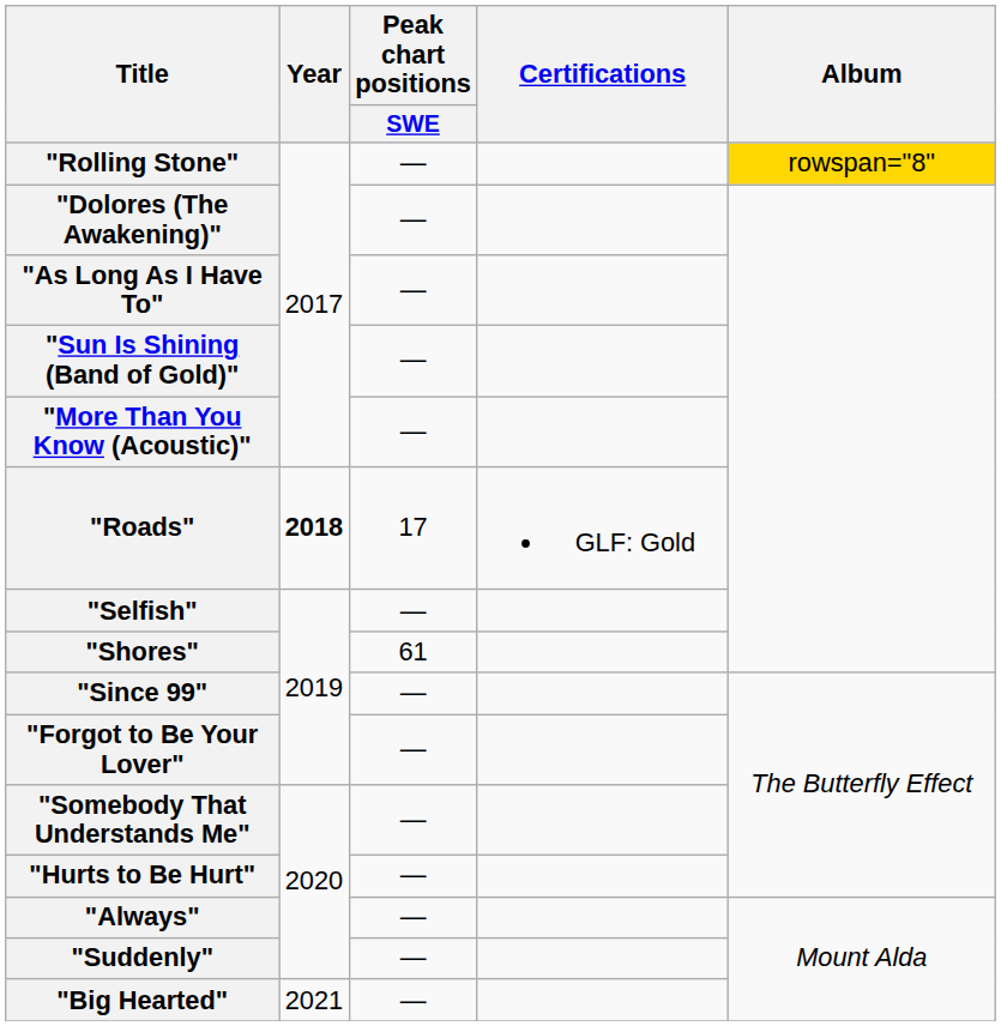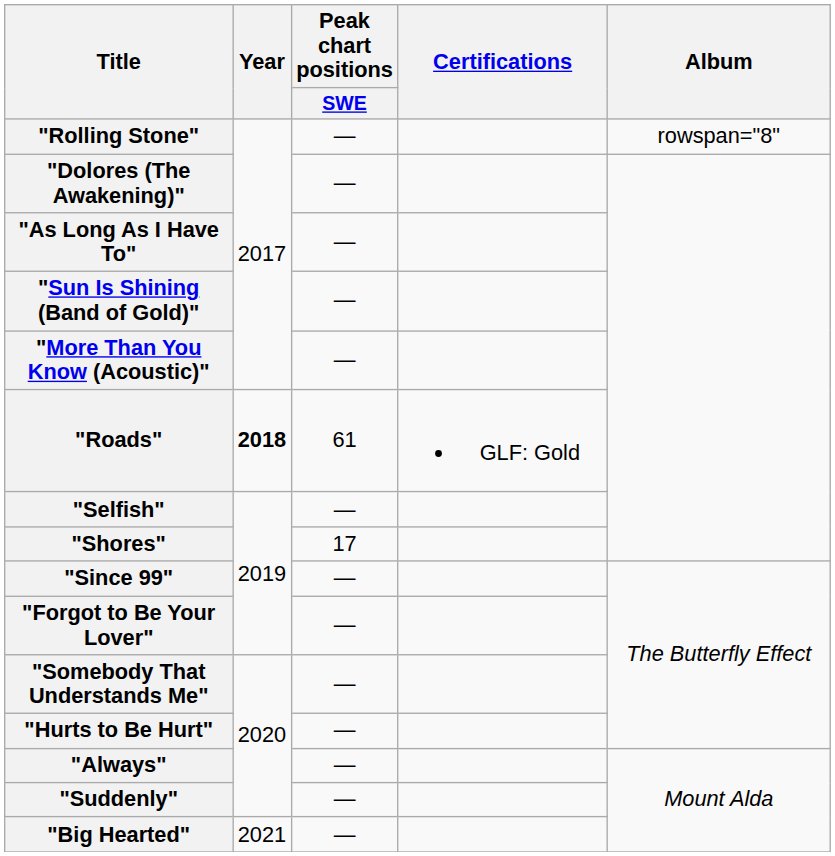 <table class="wikitable plainrowheaders" style="text-align:center">
 <tr>
 <th scope="col" rowspan="2" style="width:14em;">Title</th>
 <th scope="col" rowspan="2" style="width:1em;">Year</th>
 <th scope="col" colspan="1">Peak chart positions</th>
 <th scope="col" rowspan="2" style="width:12em;"><a href='#'>Certifications</a></th>
 <th scope="col" rowspan="2" style="width:14em;">Album</th>
 </tr>
 <tr>
 <th scope="col" style="width:2.9em;font-size:90%;"><a href='#'>SWE</a><br></th>
 </tr>
 <tr>
 <th scope="row">"Rolling Stone"</th>
 <td rowspan="5">2017</td>
 <td>—</td>
 <td></td>
-<td style="background: gold;">rowspan="8" </td>
+<td>rowspan="8" </td>
 </tr>
 <tr>
 <th scope="row">"Dolores (The Awakening)"</th>
 <td>—</td>
 <td></td>
 </tr>
 <tr>
 <th scope="row">"As Long As I Have To"</th>
 <td>—</td>
 <td></td>
 </tr>
 <tr>
 <th scope="row">"<a href='#'>Sun Is Shining</a> (Band of Gold)"</th>
 <td>—</td>
 <td></td>
 </tr>
 <tr>
 <th scope="row">"<a href='#'>More Than You Know</a> (Acoustic)"<br></th>
 <td>—</td>
 <td></td>
 </tr>
 <tr>
 <th scope="row">"Roads"</th>
 <td><strong>2018</strong></td>
-<td>17</td>
+<td>61<br></td>
 <td><br><ul><li>GLF: Gold</li></ul></td>
 </tr>
 <tr>
 <th scope="row">"Selfish"</th>
 <td rowspan="4">2019</td>
 <td>—</td>
 <td></td>
 </tr>
 <tr>
 <th scope="row">"Shores"<br></th>
-<td>61<br></td>
+<td>17</td>
 <td></td>
 </tr>
 <tr>
 <th scope="row">"Since 99"</th>
 <td>—</td>
 <td></td>
 <td rowspan="4"><em>The Butterfly Effect</em></td>
 </tr>
 <tr>
 <th scope="row">"Forgot to Be Your Lover"</th>
 <td>—</td>
 <td></td>
 </tr>
 <tr>
 <th scope="row">"Somebody That Understands Me"<br></th>
 <td rowspan="4">2020</td>
 <td>—</td>
 <td></td>
 </tr>
 <tr>
 <th scope="row">"Hurts to Be Hurt"</th>
 <td>—</td>
 <td></td>
 </tr>
 <tr>
 <th scope="row">"Always"</th>
 <td>—</td>
 <td></td>
 <td rowspan="3"><em>Mount Alda</em></td>
 </tr>
 <tr>
 <th scope="row">"Suddenly"</th>
 <td>—</td>
 <td></td>
 </tr>
 <tr>
 <th scope="row">"Big Hearted"</th>
 <td>2021</td>
 <td>—</td>
 <td></td>
 </tr>
 </table>
